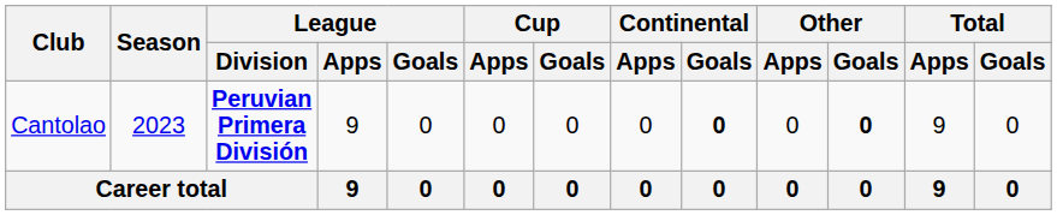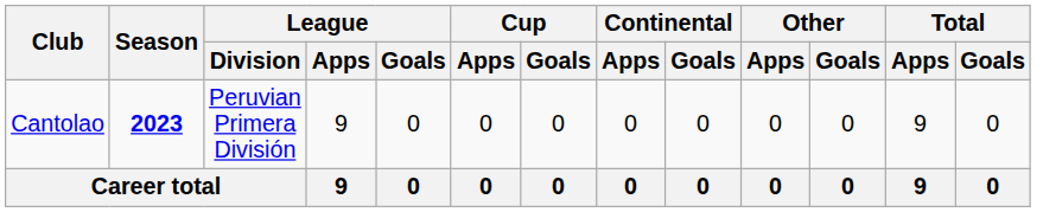 <table class=wikitable style=text-align:center>
 <tr>
 <th rowspan=2>Club</th>
 <th rowspan=2>Season</th>
 <th colspan=3>League</th>
 <th colspan=2>Cup</th>
 <th colspan=2>Continental</th>
 <th colspan=2>Other</th>
 <th colspan=2>Total</th>
 </tr>
 <tr>
 <th>Division</th>
 <th>Apps</th>
 <th>Goals</th>
 <th>Apps</th>
 <th>Goals</th>
 <th>Apps</th>
 <th>Goals</th>
 <th>Apps</th>
 <th>Goals</th>
 <th>Apps</th>
 <th>Goals</th>
 </tr>
 <tr>
 <td><a href='#'>Cantolao</a></td>
-<td><a href='#'>2023</a></td>
-<td><strong><a href='#'>Peruvian Primera División</a></strong></td>
+<td><strong><a href='#'>2023</a></strong></td>
+<td><a href='#'>Peruvian Primera División</a></td>
 <td>9</td>
 <td>0</td>
 <td>0</td>
 <td>0</td>
 <td>0</td>
-<td><strong>0</strong></td>
 <td>0</td>
-<td><strong>0</strong></td>
+<td>0</td>
+<td>0</td>
 <td>9</td>
 <td>0</td>
 </tr>
 <tr>
 <th colspan="3"><strong>Career total</strong></th>
 <th>9</th>
 <th>0</th>
 <th>0</th>
 <th>0</th>
 <th>0</th>
 <th>0</th>
 <th>0</th>
 <th>0</th>
 <th>9</th>
 <th>0</th>
 </tr>
 </table>
